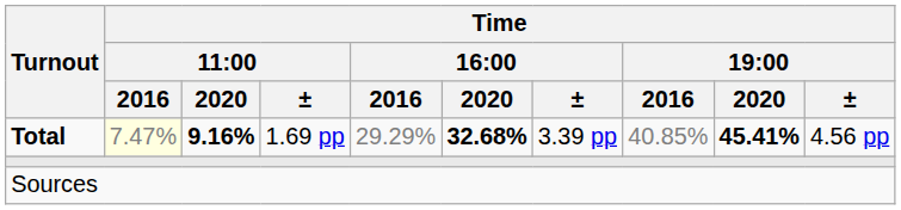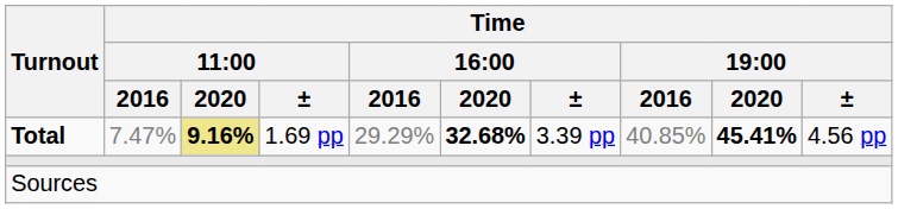 <table class="wikitable sortable" style="text-align:right;">
 <tr>
 <th rowspan="3">Turnout</th>
 <th colspan="9">Time</th>
 </tr>
 <tr>
 <th colspan="3">11:00</th>
 <th colspan="3">16:00</th>
 <th colspan="3">19:00</th>
 </tr>
 <tr>
 <th>2016</th>
 <th>2020</th>
 <th>±</th>
 <th>2016</th>
 <th>2020</th>
 <th>±</th>
 <th>2016</th>
 <th>2020</th>
 <th>±</th>
 </tr>
 <tr>
 <td align="left"><strong>Total</strong></td>
-<td style="background: lightyellow; color:gray;">7.47%</td>
-<td><strong>9.16%</strong></td>
+<td style="color:gray;">7.47%</td>
+<td style="background: khaki;"><strong>9.16%</strong></td>
 <td> 1.69 <a href='#'>pp</a></td>
 <td style="color:gray;">29.29%</td>
 <td><strong>32.68%</strong></td>
 <td> 3.39 <a href='#'>pp</a></td>
 <td style="color:gray;">40.85%</td>
 <td><strong>45.41%</strong></td>
 <td> 4.56 <a href='#'>pp</a></td>
 </tr>
 <tr>
 <td colspan="10" bgcolor="#E9E9E9"></td>
 </tr>
 <tr>
 <td align="left" colspan="10">Sources</td>
 </tr>
 </table>
